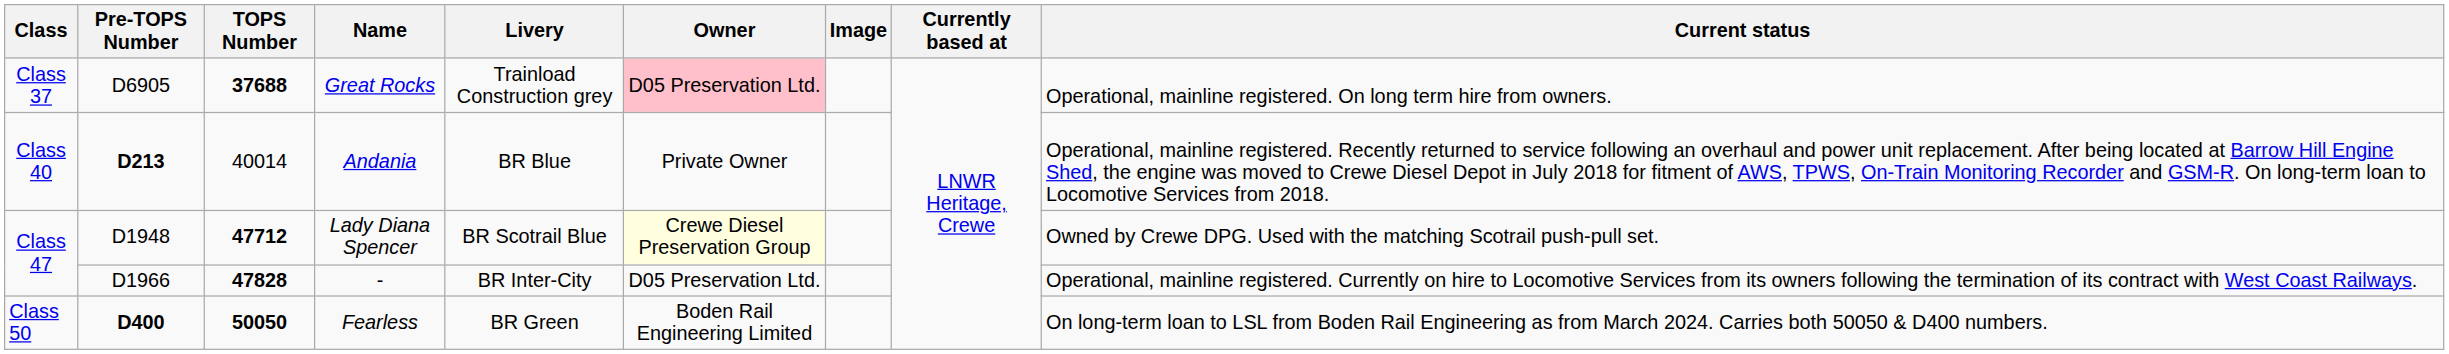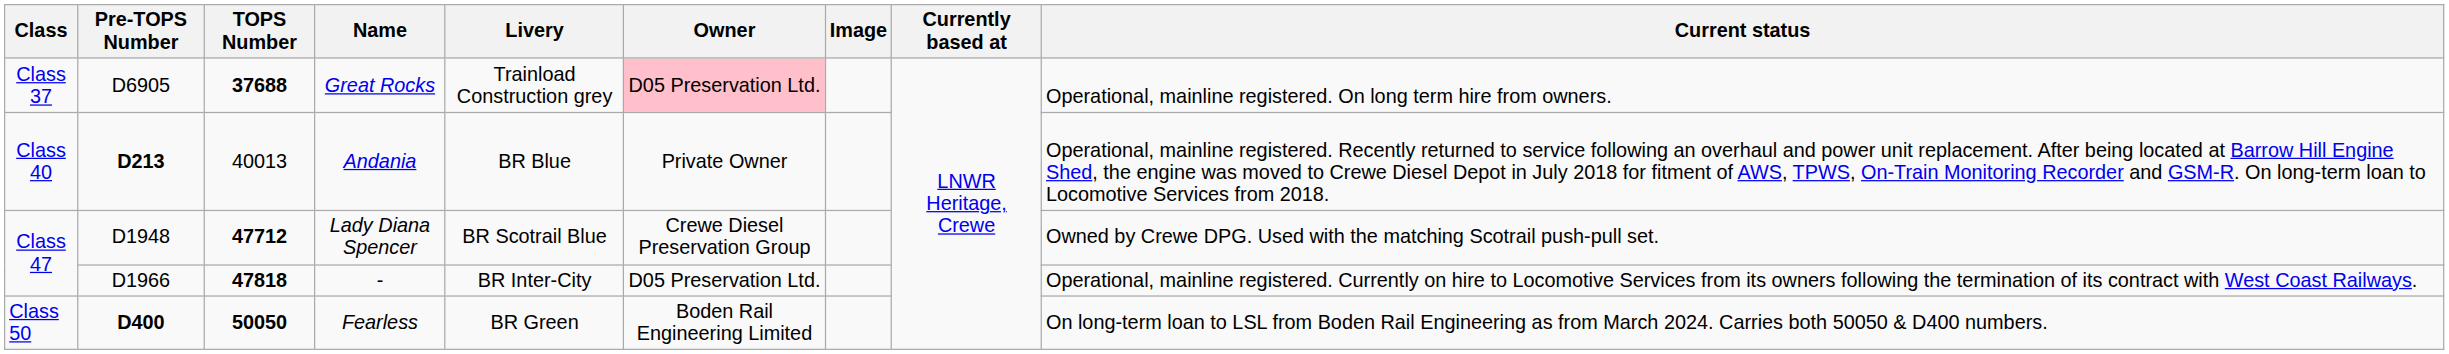 <table class="wikitable">
 <tr>
 <th>Class</th>
 <th>Pre-TOPS Number</th>
 <th>TOPS Number</th>
 <th>Name</th>
 <th>Livery</th>
 <th>Owner</th>
 <th>Image</th>
 <th>Currently based at</th>
 <th>Current status</th>
 </tr>
 <tr>
 <td style="text-align:center;"><a href='#'>Class 37</a></td>
 <td style="text-align:center;">D6905</td>
 <td style="text-align:center;"><strong>37688</strong></td>
 <td style="text-align:center;"><em><a href='#'>Great Rocks</a></em></td>
 <td style="text-align:center;">Trainload Construction grey</td>
 <td style="background: pink; text-align:center;">D05 Preservation Ltd.</td>
 <td></td>
 <td rowspan="5" style="text-align:center;"><a href='#'>LNWR Heritage, Crewe</a></td>
 <td><br>Operational, mainline registered. On long term hire from owners.</td>
 </tr>
 <tr>
 <td style="text-align:center;"><a href='#'>Class 40</a></td>
 <td style="text-align:center;"><strong>D213</strong></td>
-<td style="text-align:center;">40014</td>
+<td style="text-align:center;">40013</td>
 <td style="text-align:center;"><em><a href='#'>Andania</a></em></td>
 <td style="text-align:center;">BR Blue</td>
 <td style="text-align:center;">Private Owner</td>
 <td></td>
 <td><br>Operational, mainline registered. Recently returned to service following an overhaul and power unit replacement. After being located at <a href='#'>Barrow Hill Engine Shed</a>, the engine was moved to Crewe Diesel Depot in July 2018 for fitment of <a href='#'>AWS</a>, <a href='#'>TPWS</a>, <a href='#'>On-Train Monitoring Recorder</a> and <a href='#'>GSM-R</a>. On long-term loan to Locomotive Services from 2018.</td>
 </tr>
 <tr>
 <td rowspan="2" style="text-align:center;"><a href='#'>Class 47</a></td>
 <td style="text-align:center;">D1948</td>
 <td style="text-align:center;"><strong>47712</strong></td>
 <td style="text-align:center;"><em>Lady Diana Spencer</em></td>
 <td style="text-align:center;">BR Scotrail Blue</td>
-<td style="background: lightyellow; text-align:center;">Crewe Diesel Preservation Group</td>
+<td style="text-align:center;">Crewe Diesel Preservation Group</td>
 <td></td>
 <td>Owned by Crewe DPG. Used with the matching Scotrail push-pull set.</td>
 </tr>
 <tr>
 <td style="text-align:center;">D1966</td>
-<td style="text-align:center;"><strong>47828</strong></td>
+<td style="text-align:center;"><strong>47818</strong></td>
 <td style="text-align:center;">-</td>
 <td style="text-align:center;">BR Inter-City</td>
 <td style="text-align:center;">D05 Preservation Ltd.</td>
 <td></td>
 <td>Operational, mainline registered. Currently on hire to Locomotive Services from its owners following the termination of its contract with <a href='#'>West Coast Railways</a>.</td>
 </tr>
 <tr>
 <td><a href='#'>Class 50</a></td>
 <td style="text-align:center;"><strong>D400</strong></td>
 <td style="text-align:center;"><strong>50050</strong></td>
 <td style="text-align:center;"><em>Fearless</em></td>
 <td style="text-align:center;">BR Green</td>
 <td style="text-align:center;">Boden Rail Engineering Limited</td>
 <td></td>
 <td>On long-term loan to LSL from Boden Rail Engineering as from March 2024. Carries both 50050 & D400 numbers.</td>
 </tr>
 </table>
